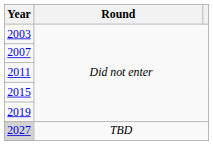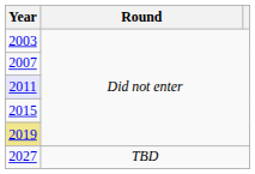 <table class="wikitable" style="text-align: center; font-size:90%">
 <tr>
 <th>Year</th>
 <th style="width:200px">Round</th>
 <th></th>
 </tr>
 <tr>
 <td><a href='#'>2003</a></td>
 <td colspan="2" rowspan="5"><em>Did not enter</em></td>
 </tr>
 <tr>
 <td><a href='#'>2007</a></td>
 </tr>
 <tr>
-<td><a href='#'>2011</a></td>
+<td style="background: lavender;"><a href='#'>2011</a></td>
 </tr>
 <tr>
 <td><a href='#'>2015</a></td>
 </tr>
 <tr>
-<td><a href='#'>2019</a></td>
+<td style="background: khaki;"><a href='#'>2019</a></td>
 </tr>
 <tr>
-<td style="background: lightgrey;"><a href='#'>2027</a></td>
+<td><a href='#'>2027</a></td>
 <td colspan="2"><em>TBD</em></td>
 </tr>
 </table>
